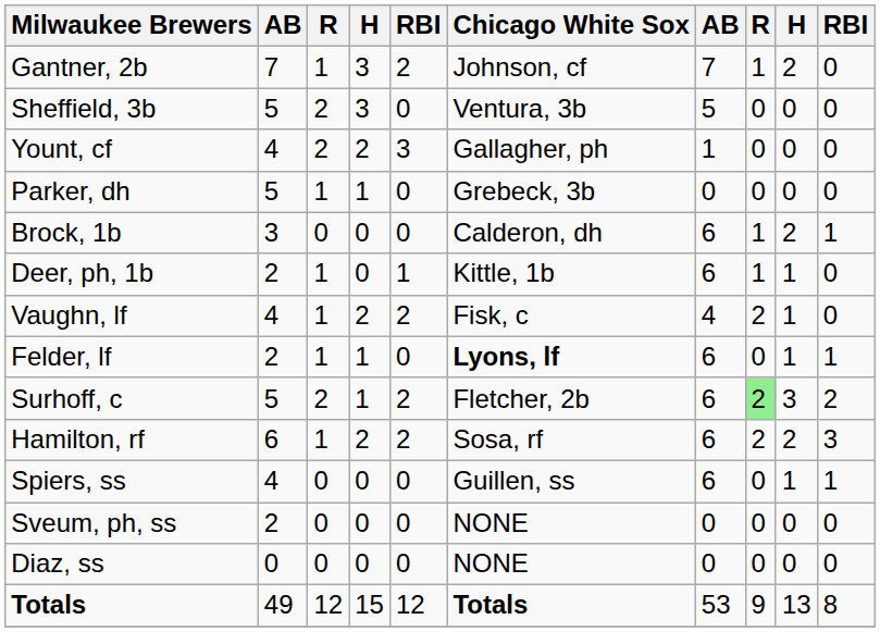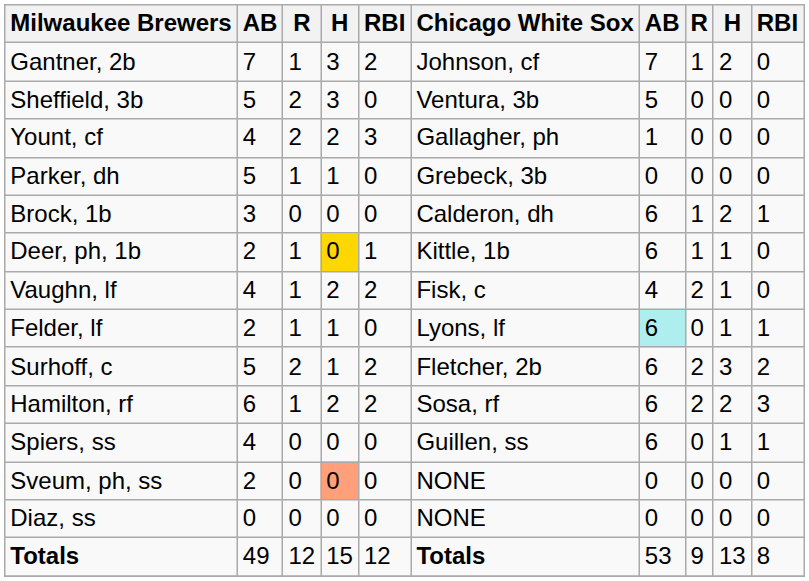 <table class="wikitable sortable">
 <tr>
 <th><strong>Milwaukee Brewers</strong></th>
 <th>AB</th>
 <th>R</th>
 <th>H</th>
 <th>RBI</th>
 <th><strong>Chicago White Sox</strong></th>
 <th>AB</th>
 <th>R</th>
 <th>H</th>
 <th>RBI</th>
 </tr>
 <tr>
 <td>Gantner, 2b</td>
 <td>7</td>
 <td>1</td>
 <td>3</td>
 <td>2</td>
 <td>Johnson, cf</td>
 <td>7</td>
 <td>1</td>
 <td>2</td>
 <td>0</td>
 </tr>
 <tr>
 <td>Sheffield, 3b</td>
 <td>5</td>
 <td>2</td>
 <td>3</td>
 <td>0</td>
 <td>Ventura, 3b</td>
 <td>5</td>
 <td>0</td>
 <td>0</td>
 <td>0</td>
 </tr>
 <tr>
 <td>Yount, cf</td>
 <td>4</td>
 <td>2</td>
 <td>2</td>
 <td>3</td>
 <td>Gallagher, ph</td>
 <td>1</td>
 <td>0</td>
 <td>0</td>
 <td>0</td>
 </tr>
 <tr>
 <td>Parker, dh</td>
 <td>5</td>
 <td>1</td>
 <td>1</td>
 <td>0</td>
 <td>Grebeck, 3b</td>
 <td>0</td>
 <td>0</td>
 <td>0</td>
 <td>0</td>
 </tr>
 <tr>
 <td>Brock, 1b</td>
 <td>3</td>
 <td>0</td>
 <td>0</td>
 <td>0</td>
 <td>Calderon, dh</td>
 <td>6</td>
 <td>1</td>
 <td>2</td>
 <td>1</td>
 </tr>
 <tr>
 <td>Deer, ph, 1b</td>
 <td>2</td>
 <td>1</td>
-<td>0</td>
+<td style="background: gold;">0</td>
 <td>1</td>
 <td>Kittle, 1b</td>
 <td>6</td>
 <td>1</td>
 <td>1</td>
 <td>0</td>
 </tr>
 <tr>
 <td>Vaughn, lf</td>
 <td>4</td>
 <td>1</td>
 <td>2</td>
 <td>2</td>
 <td>Fisk, c</td>
 <td>4</td>
 <td>2</td>
 <td>1</td>
 <td>0</td>
 </tr>
 <tr>
 <td>Felder, lf</td>
 <td>2</td>
 <td>1</td>
 <td>1</td>
 <td>0</td>
-<td><strong>Lyons, lf</strong></td>
-<td>6</td>
+<td>Lyons, lf</td>
+<td style="background: paleturquoise;">6</td>
 <td>0</td>
 <td>1</td>
 <td>1</td>
 </tr>
 <tr>
 <td>Surhoff, c</td>
 <td>5</td>
 <td>2</td>
 <td>1</td>
 <td>2</td>
 <td>Fletcher, 2b</td>
 <td>6</td>
-<td style="background: lightgreen;">2</td>
+<td>2</td>
 <td>3</td>
 <td>2</td>
 </tr>
 <tr>
 <td>Hamilton, rf</td>
 <td>6</td>
 <td>1</td>
 <td>2</td>
 <td>2</td>
 <td>Sosa, rf</td>
 <td>6</td>
 <td>2</td>
 <td>2</td>
 <td>3</td>
 </tr>
 <tr>
 <td>Spiers, ss</td>
 <td>4</td>
 <td>0</td>
 <td>0</td>
 <td>0</td>
 <td>Guillen, ss</td>
 <td>6</td>
 <td>0</td>
 <td>1</td>
 <td>1</td>
 </tr>
 <tr>
 <td>Sveum, ph, ss</td>
 <td>2</td>
 <td>0</td>
-<td>0</td>
+<td style="background: lightsalmon;">0</td>
 <td>0</td>
 <td>NONE</td>
 <td>0</td>
 <td>0</td>
 <td>0</td>
 <td>0</td>
 </tr>
 <tr>
 <td>Diaz, ss</td>
 <td>0</td>
 <td>0</td>
 <td>0</td>
 <td>0</td>
 <td>NONE</td>
 <td>0</td>
 <td>0</td>
 <td>0</td>
 <td>0</td>
 </tr>
 <tr>
 <td><strong>Totals</strong></td>
 <td>49</td>
 <td>12</td>
 <td>15</td>
 <td>12</td>
 <td><strong>Totals</strong></td>
 <td>53</td>
 <td>9</td>
 <td>13</td>
 <td>8</td>
 </tr>
 <tr>
 </tr>
 </table>
